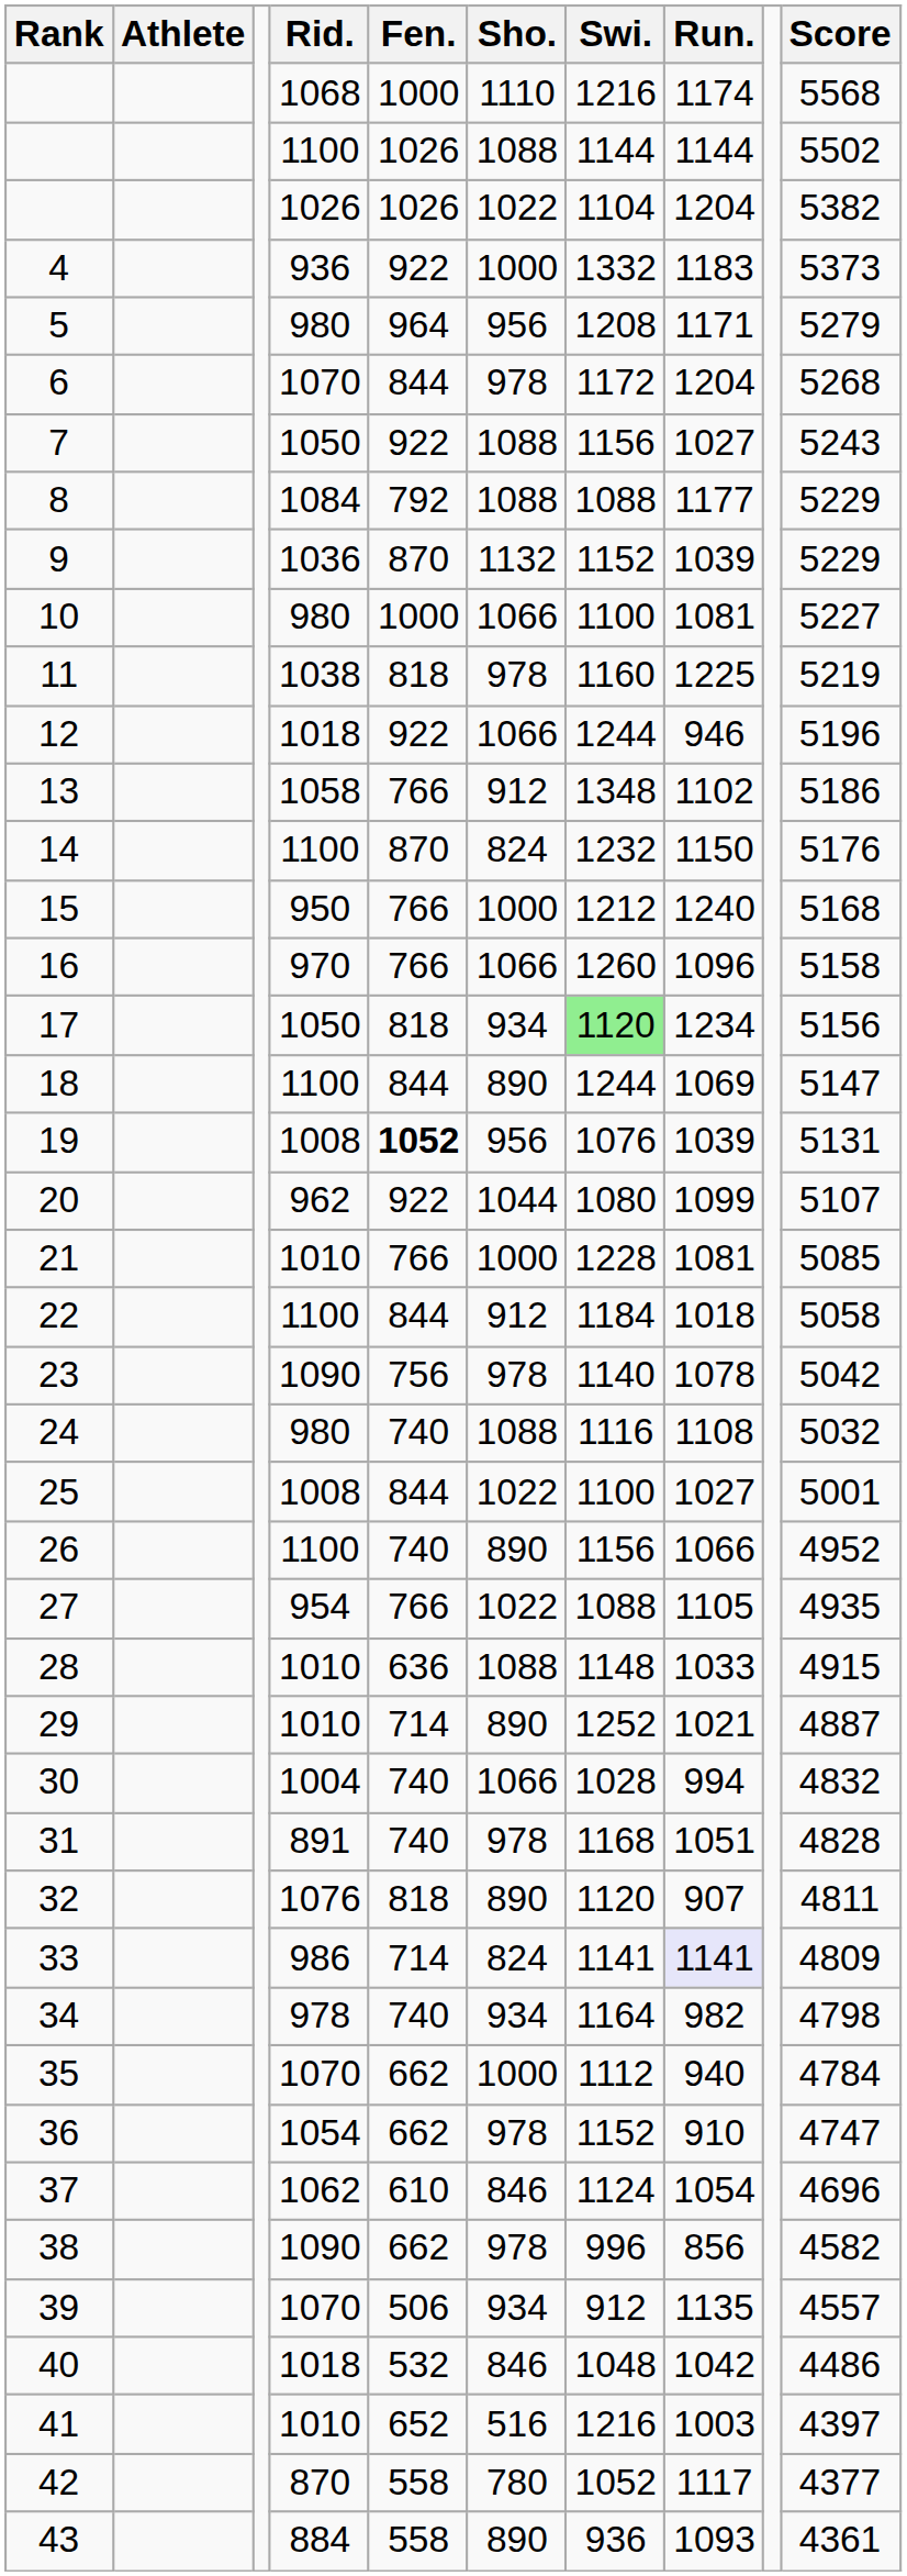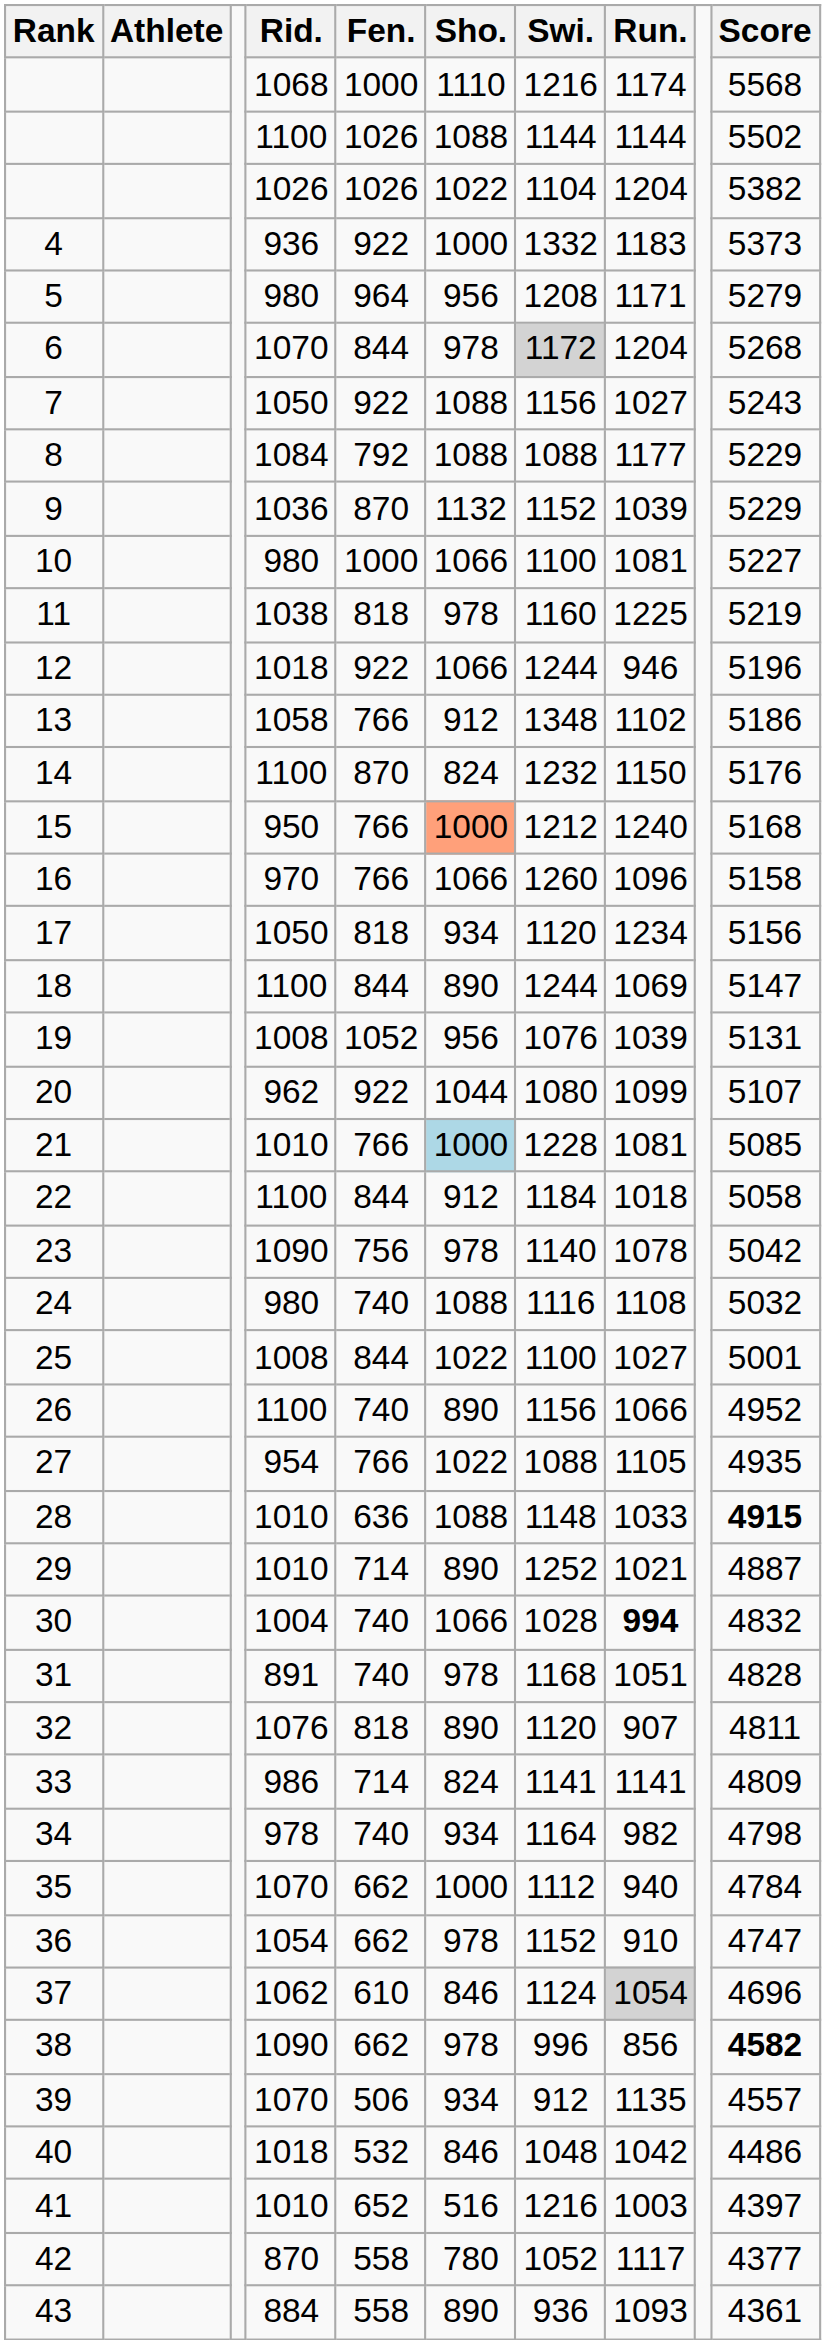 <table class="wikitable sortable" style="text-align:center">
 <tr>
 <th>Rank</th>
 <th>Athlete</th>
 <td rowspan="44"></td>
 <th>Rid.</th>
 <th>Fen.</th>
 <th>Sho.</th>
 <th>Swi.</th>
 <th>Run.</th>
 <td rowspan="44"></td>
 <th>Score</th>
 </tr>
 <tr>
 <td></td>
 <td align=left></td>
 <td>1068</td>
 <td>1000</td>
 <td>1110</td>
 <td>1216</td>
 <td>1174</td>
 <td>5568</td>
 </tr>
 <tr>
 <td></td>
 <td align=left></td>
 <td>1100</td>
 <td>1026</td>
 <td>1088</td>
 <td>1144</td>
 <td>1144</td>
 <td>5502</td>
 </tr>
 <tr>
 <td></td>
 <td align=left></td>
 <td>1026</td>
 <td>1026</td>
 <td>1022</td>
 <td>1104</td>
 <td>1204</td>
 <td>5382</td>
 </tr>
 <tr>
 <td>4</td>
 <td align=left></td>
 <td>936</td>
 <td>922</td>
 <td>1000</td>
 <td>1332</td>
 <td>1183</td>
 <td>5373</td>
 </tr>
 <tr>
 <td>5</td>
 <td align=left></td>
 <td>980</td>
 <td>964</td>
 <td>956</td>
 <td>1208</td>
 <td>1171</td>
 <td>5279</td>
 </tr>
 <tr>
 <td>6</td>
 <td align=left></td>
 <td>1070</td>
 <td>844</td>
 <td>978</td>
-<td>1172</td>
+<td style="background: lightgrey;">1172</td>
 <td>1204</td>
 <td>5268</td>
 </tr>
 <tr>
 <td>7</td>
 <td align=left></td>
 <td>1050</td>
 <td>922</td>
 <td>1088</td>
 <td>1156</td>
 <td>1027</td>
 <td>5243</td>
 </tr>
 <tr>
 <td>8</td>
 <td align=left></td>
 <td>1084</td>
 <td>792</td>
 <td>1088</td>
 <td>1088</td>
 <td>1177</td>
 <td>5229</td>
 </tr>
 <tr>
 <td>9</td>
 <td align=left></td>
 <td>1036</td>
 <td>870</td>
 <td>1132</td>
 <td>1152</td>
 <td>1039</td>
 <td>5229</td>
 </tr>
 <tr>
 <td>10</td>
 <td align=left></td>
 <td>980</td>
 <td>1000</td>
 <td>1066</td>
 <td>1100</td>
 <td>1081</td>
 <td>5227</td>
 </tr>
 <tr>
 <td>11</td>
 <td align=left></td>
 <td>1038</td>
 <td>818</td>
 <td>978</td>
 <td>1160</td>
 <td>1225</td>
 <td>5219</td>
 </tr>
 <tr>
 <td>12</td>
 <td align=left></td>
 <td>1018</td>
 <td>922</td>
 <td>1066</td>
 <td>1244</td>
 <td>946</td>
 <td>5196</td>
 </tr>
 <tr>
 <td>13</td>
 <td align=left></td>
 <td>1058</td>
 <td>766</td>
 <td>912</td>
 <td>1348</td>
 <td>1102</td>
 <td>5186</td>
 </tr>
 <tr>
 <td>14</td>
 <td align=left></td>
 <td>1100</td>
 <td>870</td>
 <td>824</td>
 <td>1232</td>
 <td>1150</td>
 <td>5176</td>
 </tr>
 <tr>
 <td>15</td>
 <td align=left></td>
 <td>950</td>
 <td>766</td>
-<td>1000</td>
+<td style="background: lightsalmon;">1000</td>
 <td>1212</td>
 <td>1240</td>
 <td>5168</td>
 </tr>
 <tr>
 <td>16</td>
 <td align=left></td>
 <td>970</td>
 <td>766</td>
 <td>1066</td>
 <td>1260</td>
 <td>1096</td>
 <td>5158</td>
 </tr>
 <tr>
 <td>17</td>
 <td align=left></td>
 <td>1050</td>
 <td>818</td>
 <td>934</td>
-<td style="background: lightgreen;">1120</td>
+<td>1120</td>
 <td>1234</td>
 <td>5156</td>
 </tr>
 <tr>
 <td>18</td>
 <td align=left></td>
 <td>1100</td>
 <td>844</td>
 <td>890</td>
 <td>1244</td>
 <td>1069</td>
 <td>5147</td>
 </tr>
 <tr>
 <td>19</td>
 <td align=left></td>
 <td>1008</td>
-<td><strong>1052</strong></td>
+<td>1052</td>
 <td>956</td>
 <td>1076</td>
 <td>1039</td>
 <td>5131</td>
 </tr>
 <tr>
 <td>20</td>
 <td align=left></td>
 <td>962</td>
 <td>922</td>
 <td>1044</td>
 <td>1080</td>
 <td>1099</td>
 <td>5107</td>
 </tr>
 <tr>
 <td>21</td>
 <td align=left></td>
 <td>1010</td>
 <td>766</td>
-<td>1000</td>
+<td style="background: lightblue;">1000</td>
 <td>1228</td>
 <td>1081</td>
 <td>5085</td>
 </tr>
 <tr>
 <td>22</td>
 <td align=left></td>
 <td>1100</td>
 <td>844</td>
 <td>912</td>
 <td>1184</td>
 <td>1018</td>
 <td>5058</td>
 </tr>
 <tr>
 <td>23</td>
 <td align=left></td>
 <td>1090</td>
 <td>756</td>
 <td>978</td>
 <td>1140</td>
 <td>1078</td>
 <td>5042</td>
 </tr>
 <tr>
 <td>24</td>
 <td align=left></td>
 <td>980</td>
 <td>740</td>
 <td>1088</td>
 <td>1116</td>
 <td>1108</td>
 <td>5032</td>
 </tr>
 <tr>
 <td>25</td>
 <td align=left></td>
 <td>1008</td>
 <td>844</td>
 <td>1022</td>
 <td>1100</td>
 <td>1027</td>
 <td>5001</td>
 </tr>
 <tr>
 <td>26</td>
 <td align=left></td>
 <td>1100</td>
 <td>740</td>
 <td>890</td>
 <td>1156</td>
 <td>1066</td>
 <td>4952</td>
 </tr>
 <tr>
 <td>27</td>
 <td align=left></td>
 <td>954</td>
 <td>766</td>
 <td>1022</td>
 <td>1088</td>
 <td>1105</td>
 <td>4935</td>
 </tr>
 <tr>
 <td>28</td>
 <td align=left></td>
 <td>1010</td>
 <td>636</td>
 <td>1088</td>
 <td>1148</td>
 <td>1033</td>
-<td>4915</td>
+<td><strong>4915</strong></td>
 </tr>
 <tr>
 <td>29</td>
 <td align=left></td>
 <td>1010</td>
 <td>714</td>
 <td>890</td>
 <td>1252</td>
 <td>1021</td>
 <td>4887</td>
 </tr>
 <tr>
 <td>30</td>
 <td align=left></td>
 <td>1004</td>
 <td>740</td>
 <td>1066</td>
 <td>1028</td>
-<td>994</td>
+<td><strong>994</strong></td>
 <td>4832</td>
 </tr>
 <tr>
 <td>31</td>
 <td align=left></td>
 <td>891</td>
 <td>740</td>
 <td>978</td>
 <td>1168</td>
 <td>1051</td>
 <td>4828</td>
 </tr>
 <tr>
 <td>32</td>
 <td align=left></td>
 <td>1076</td>
 <td>818</td>
 <td>890</td>
 <td>1120</td>
 <td>907</td>
 <td>4811</td>
 </tr>
 <tr>
 <td>33</td>
 <td align=left></td>
 <td>986</td>
 <td>714</td>
 <td>824</td>
 <td>1141</td>
-<td style="background: lavender;">1141</td>
+<td>1141</td>
 <td>4809</td>
 </tr>
 <tr>
 <td>34</td>
 <td align=left></td>
 <td>978</td>
 <td>740</td>
 <td>934</td>
 <td>1164</td>
 <td>982</td>
 <td>4798</td>
 </tr>
 <tr>
 <td>35</td>
 <td align=left></td>
 <td>1070</td>
 <td>662</td>
 <td>1000</td>
 <td>1112</td>
 <td>940</td>
 <td>4784</td>
 </tr>
 <tr>
 <td>36</td>
 <td align=left></td>
 <td>1054</td>
 <td>662</td>
 <td>978</td>
 <td>1152</td>
 <td>910</td>
 <td>4747</td>
 </tr>
 <tr>
 <td>37</td>
 <td align=left></td>
 <td>1062</td>
 <td>610</td>
 <td>846</td>
 <td>1124</td>
-<td>1054</td>
+<td style="background: lightgrey;">1054</td>
 <td>4696</td>
 </tr>
 <tr>
 <td>38</td>
 <td align=left></td>
 <td>1090</td>
 <td>662</td>
 <td>978</td>
 <td>996</td>
 <td>856</td>
-<td>4582</td>
+<td><strong>4582</strong></td>
 </tr>
 <tr>
 <td>39</td>
 <td align=left></td>
 <td>1070</td>
 <td>506</td>
 <td>934</td>
 <td>912</td>
 <td>1135</td>
 <td>4557</td>
 </tr>
 <tr>
 <td>40</td>
 <td align=left></td>
 <td>1018</td>
 <td>532</td>
 <td>846</td>
 <td>1048</td>
 <td>1042</td>
 <td>4486</td>
 </tr>
 <tr>
 <td>41</td>
 <td align=left></td>
 <td>1010</td>
 <td>652</td>
 <td>516</td>
 <td>1216</td>
 <td>1003</td>
 <td>4397</td>
 </tr>
 <tr>
 <td>42</td>
 <td align=left></td>
 <td>870</td>
 <td>558</td>
 <td>780</td>
 <td>1052</td>
 <td>1117</td>
 <td>4377</td>
 </tr>
 <tr>
 <td>43</td>
 <td align=left></td>
 <td>884</td>
 <td>558</td>
 <td>890</td>
 <td>936</td>
 <td>1093</td>
 <td>4361</td>
 </tr>
 </table>
